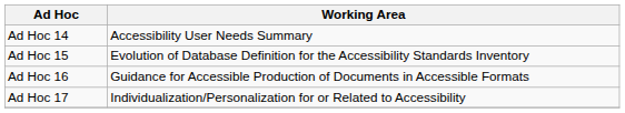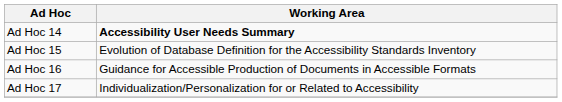 <table class="wikitable" width="60%">
 <tr>
 <th width="10%">Ad Hoc</th>
 <th width="50%">Working Area</th>
 </tr>
 <tr>
 <td>Ad Hoc 14</td>
-<td>Accessibility User Needs Summary</td>
+<td><strong>Accessibility User Needs Summary</strong></td>
 </tr>
 <tr>
 <td>Ad Hoc 15</td>
 <td>Evolution of Database Definition for the Accessibility Standards Inventory</td>
 </tr>
 <tr>
 <td>Ad Hoc 16</td>
 <td>Guidance for Accessible Production of Documents in Accessible Formats</td>
 </tr>
 <tr>
 <td>Ad Hoc 17</td>
 <td>Individualization/Personalization for or Related to Accessibility</td>
 </tr>
 <tr>
 </tr>
 </table>
